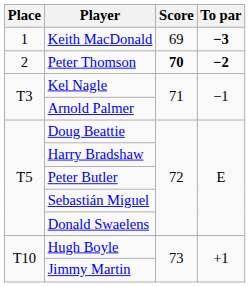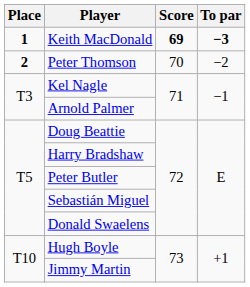 <table class="wikitable">
 <tr>
 <th>Place</th>
 <th>Player</th>
 <th>Score</th>
 <th>To par</th>
 </tr>
 <tr>
-<td align=center>1</td>
+<td align=center><strong>1</strong></td>
 <td> <a href='#'>Keith MacDonald</a></td>
-<td align=center>69</td>
+<td align=center><strong>69</strong></td>
 <td align=center><strong>−3</strong></td>
 </tr>
 <tr>
-<td align=center>2</td>
+<td align=center><strong>2</strong></td>
 <td> <a href='#'>Peter Thomson</a></td>
-<td align=center><strong>70</strong></td>
-<td align=center><strong>−2</strong></td>
+<td align=center>70</td>
+<td align=center>−2</td>
 </tr>
 <tr>
 <td rowspan="2" align=center>T3</td>
 <td> <a href='#'>Kel Nagle</a></td>
 <td rowspan="2" align=center>71</td>
 <td rowspan="2" align=center>−1</td>
 </tr>
 <tr>
 <td> <a href='#'>Arnold Palmer</a></td>
 </tr>
 <tr>
 <td rowspan="5" align=center>T5</td>
 <td> <a href='#'>Doug Beattie</a></td>
 <td rowspan="5" align=center>72</td>
 <td rowspan="5" align=center>E</td>
 </tr>
 <tr>
 <td> <a href='#'>Harry Bradshaw</a></td>
 </tr>
 <tr>
 <td> <a href='#'>Peter Butler</a></td>
 </tr>
 <tr>
 <td> <a href='#'>Sebastián Miguel</a></td>
 </tr>
 <tr>
 <td> <a href='#'>Donald Swaelens</a></td>
 </tr>
 <tr>
 <td rowspan="2" align=center>T10</td>
 <td> <a href='#'>Hugh Boyle</a></td>
 <td rowspan="2" align=center>73</td>
 <td rowspan="2" align=center>+1</td>
 </tr>
 <tr>
 <td> <a href='#'>Jimmy Martin</a></td>
 </tr>
 </table>
